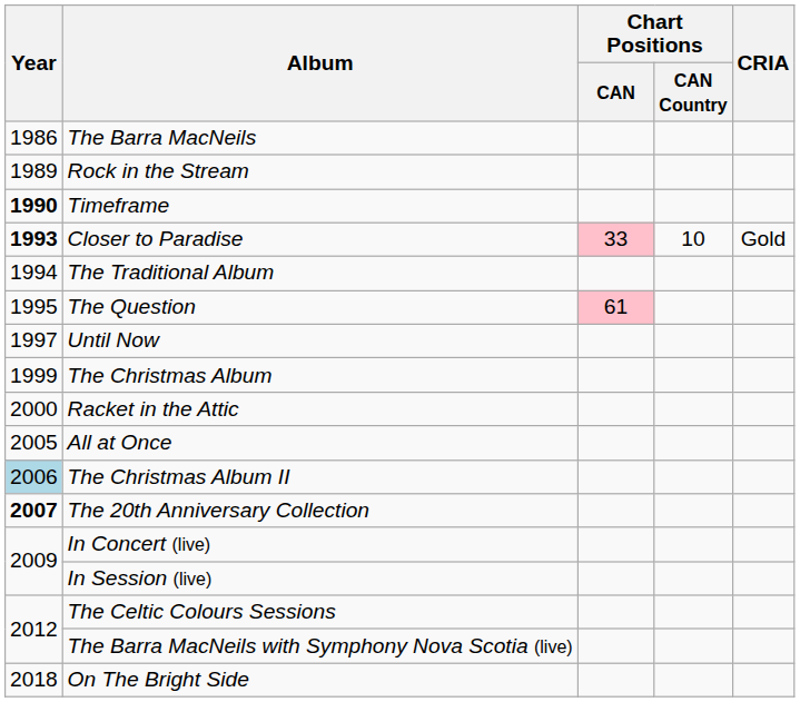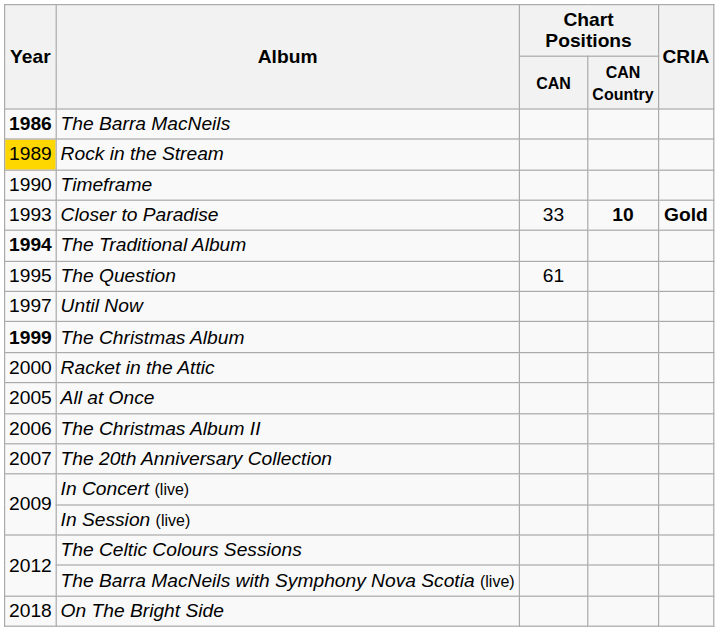 <table class="wikitable">
 <tr>
 <th rowspan="2">Year</th>
 <th rowspan="2">Album</th>
 <th colspan="2">Chart Positions</th>
 <th rowspan="2">CRIA</th>
 </tr>
 <tr>
 <th width="50"><small>CAN</small></th>
 <th width="50"><small>CAN Country</small></th>
 </tr>
 <tr>
-<td>1986</td>
+<td><strong>1986</strong></td>
 <td><em>The Barra MacNeils</em></td>
 <td></td>
 <td></td>
 <td></td>
 </tr>
 <tr>
-<td>1989</td>
+<td style="background: gold;">1989</td>
 <td><em>Rock in the Stream</em></td>
 <td></td>
 <td></td>
 <td></td>
 </tr>
 <tr>
-<td><strong>1990</strong></td>
+<td>1990</td>
 <td><em>Timeframe</em></td>
 <td></td>
 <td></td>
 <td></td>
 </tr>
 <tr>
-<td><strong>1993</strong></td>
+<td>1993</td>
 <td><em>Closer to Paradise</em></td>
-<td align="center" style="background: pink;">33</td>
-<td align="center">10</td>
-<td align="center">Gold</td>
+<td align="center">33</td>
+<td align="center"><strong>10</strong></td>
+<td align="center"><strong>Gold</strong></td>
 </tr>
 <tr>
-<td>1994</td>
+<td><strong>1994</strong></td>
 <td><em>The Traditional Album</em></td>
 <td></td>
 <td></td>
 <td></td>
 </tr>
 <tr>
 <td>1995</td>
 <td><em>The Question</em></td>
-<td align="center" style="background: pink;">61</td>
+<td align="center">61</td>
 <td></td>
 <td></td>
 </tr>
 <tr>
 <td>1997</td>
 <td><em>Until Now</em></td>
 <td></td>
 <td></td>
 <td></td>
 </tr>
 <tr>
-<td>1999</td>
+<td><strong>1999</strong></td>
 <td><em>The Christmas Album</em></td>
 <td></td>
 <td></td>
 <td></td>
 </tr>
 <tr>
 <td>2000</td>
 <td><em>Racket in the Attic</em></td>
 <td></td>
 <td></td>
 <td></td>
 </tr>
 <tr>
 <td>2005</td>
 <td><em>All at Once</em></td>
 <td></td>
 <td></td>
 <td></td>
 </tr>
 <tr>
-<td style="background: lightblue;">2006</td>
+<td>2006</td>
 <td><em>The Christmas Album II</em></td>
 <td></td>
 <td></td>
 <td></td>
 </tr>
 <tr>
-<td><strong>2007</strong></td>
+<td>2007</td>
 <td><em>The 20th Anniversary Collection</em></td>
 <td></td>
 <td></td>
 <td></td>
 </tr>
 <tr>
 <td rowspan="2">2009</td>
 <td><em>In Concert</em> <small>(live)</small></td>
 <td></td>
 <td></td>
 <td></td>
 </tr>
 <tr>
 <td><em>In Session</em> <small>(live)</small></td>
 <td></td>
 <td></td>
 <td></td>
 </tr>
 <tr>
 <td rowspan="2">2012</td>
 <td><em>The Celtic Colours Sessions</em></td>
 <td></td>
 <td></td>
 <td></td>
 </tr>
 <tr>
 <td><em>The Barra MacNeils with Symphony Nova Scotia</em> <small>(live)</small></td>
 <td></td>
 <td></td>
 <td></td>
 </tr>
 <tr>
 <td>2018</td>
 <td><em>On The Bright Side</em></td>
 <td></td>
 <td></td>
 <td></td>
 </tr>
 </table>
